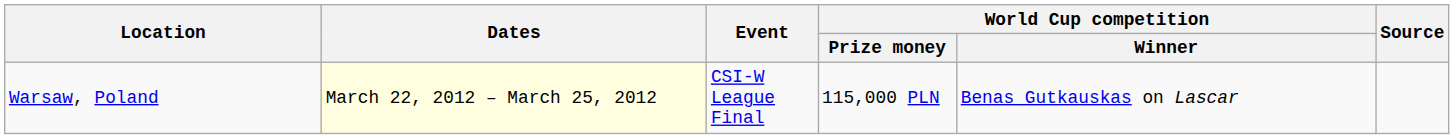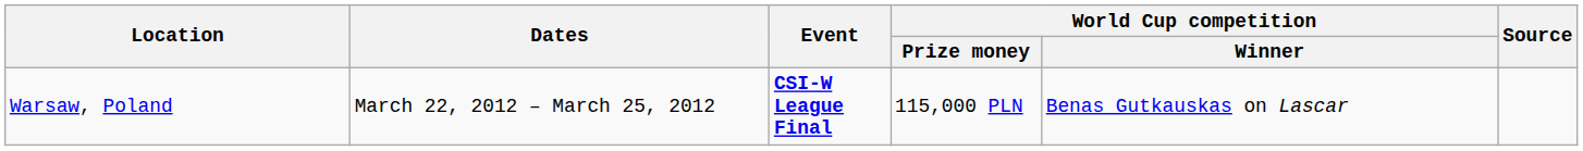 <table class="wikitable">
 <tr>
 <th rowspan=2 width=225>Location</th>
 <th rowspan=2 width=275>Dates</th>
 <th rowspan=2 width=75>Event</th>
 <th colspan=2>World Cup competition</th>
 <th rowspan=2>Source</th>
 </tr>
 <tr>
 <th width=95>Prize money</th>
 <th width=300>Winner</th>
 </tr>
 <tr>
 <td> <a href='#'>Warsaw</a>, <a href='#'>Poland</a></td>
-<td style="background: lightyellow;">March 22, 2012 – March 25, 2012</td>
-<td><a href='#'>CSI-W League Final</a></td>
+<td>March 22, 2012 – March 25, 2012</td>
+<td><strong><a href='#'>CSI-W League Final</a></strong></td>
 <td>115,000 <a href='#'>PLN</a></td>
 <td> <a href='#'>Benas Gutkauskas</a> on <em>Lascar</em></td>
 <td></td>
 </tr>
 </table>
